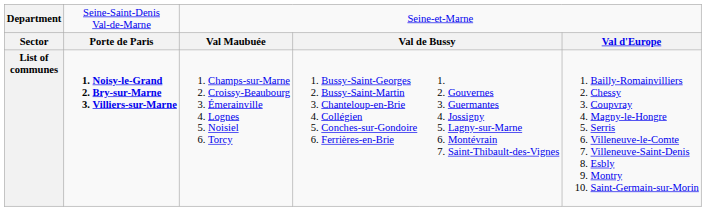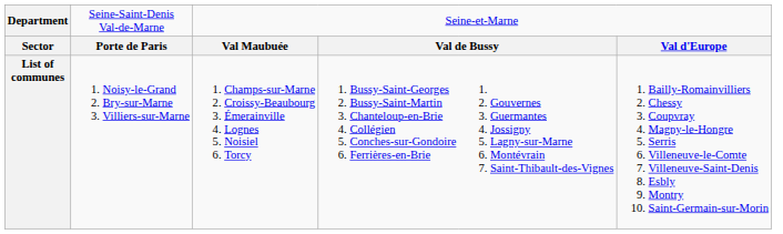 <table class="wikitable">
 <tr align="center">
 <th>Department</th>
 <td><a href='#'>Seine-Saint-Denis</a><br><a href='#'>Val-de-Marne</a></td>
 <td colspan="4"><a href='#'>Seine-et-Marne</a></td>
 </tr>
 <tr>
 <th>Sector</th>
 <th>Porte de Paris</th>
 <th>Val Maubuée</th>
 <th colspan="2">Val de Bussy</th>
 <th><a href='#'>Val d'Europe</a></th>
 </tr>
 <tr valign="top">
 <th>List of<br>communes</th>
-<td><strong><br><ol><li><a href='#'>Noisy-le-Grand</a></li><li><a href='#'>Bry-sur-Marne</a></li><li><a href='#'>Villiers-sur-Marne</a></li></ol></strong></td>
+<td><br><ol><li><a href='#'>Noisy-le-Grand</a></li><li><a href='#'>Bry-sur-Marne</a></li><li><a href='#'>Villiers-sur-Marne</a></li></ol></td>
 <td><br><ol><li><a href='#'>Champs-sur-Marne</a></li><li><a href='#'>Croissy-Beaubourg</a></li><li><a href='#'>Émerainville</a></li><li><a href='#'>Lognes</a></li><li><a href='#'>Noisiel</a></li><li><a href='#'>Torcy</a></li></ol></td>
 <td style="border-right: 0px;"><br><ol><li><a href='#'>Bussy-Saint-Georges</a></li><li><a href='#'>Bussy-Saint-Martin</a></li><li><a href='#'>Chanteloup-en-Brie</a></li><li><a href='#'>Collégien</a></li><li><a href='#'>Conches-sur-Gondoire</a></li><li><a href='#'>Ferrières-en-Brie</a></li></ol></td>
 <td style="border-left: 0px;"><br><ol><li><li><a href='#'>Gouvernes</a></li></li><li><a href='#'>Guermantes</a></li><li><a href='#'>Jossigny</a></li><li><a href='#'>Lagny-sur-Marne</a></li><li><a href='#'>Montévrain</a></li><li><a href='#'>Saint-Thibault-des-Vignes</a></li></ol></td>
 <td><br><ol><li><a href='#'>Bailly-Romainvilliers</a></li><li><a href='#'>Chessy</a></li><li><a href='#'>Coupvray</a></li><li><a href='#'>Magny-le-Hongre</a></li><li><a href='#'>Serris</a></li><li><a href='#'>Villeneuve-le-Comte</a></li><li><a href='#'>Villeneuve-Saint-Denis</a></li><li><a href='#'>Esbly</a></li><li><a href='#'>Montry</a></li><li><a href='#'>Saint-Germain-sur-Morin</a></li></ol></td>
 </tr>
 </table>
